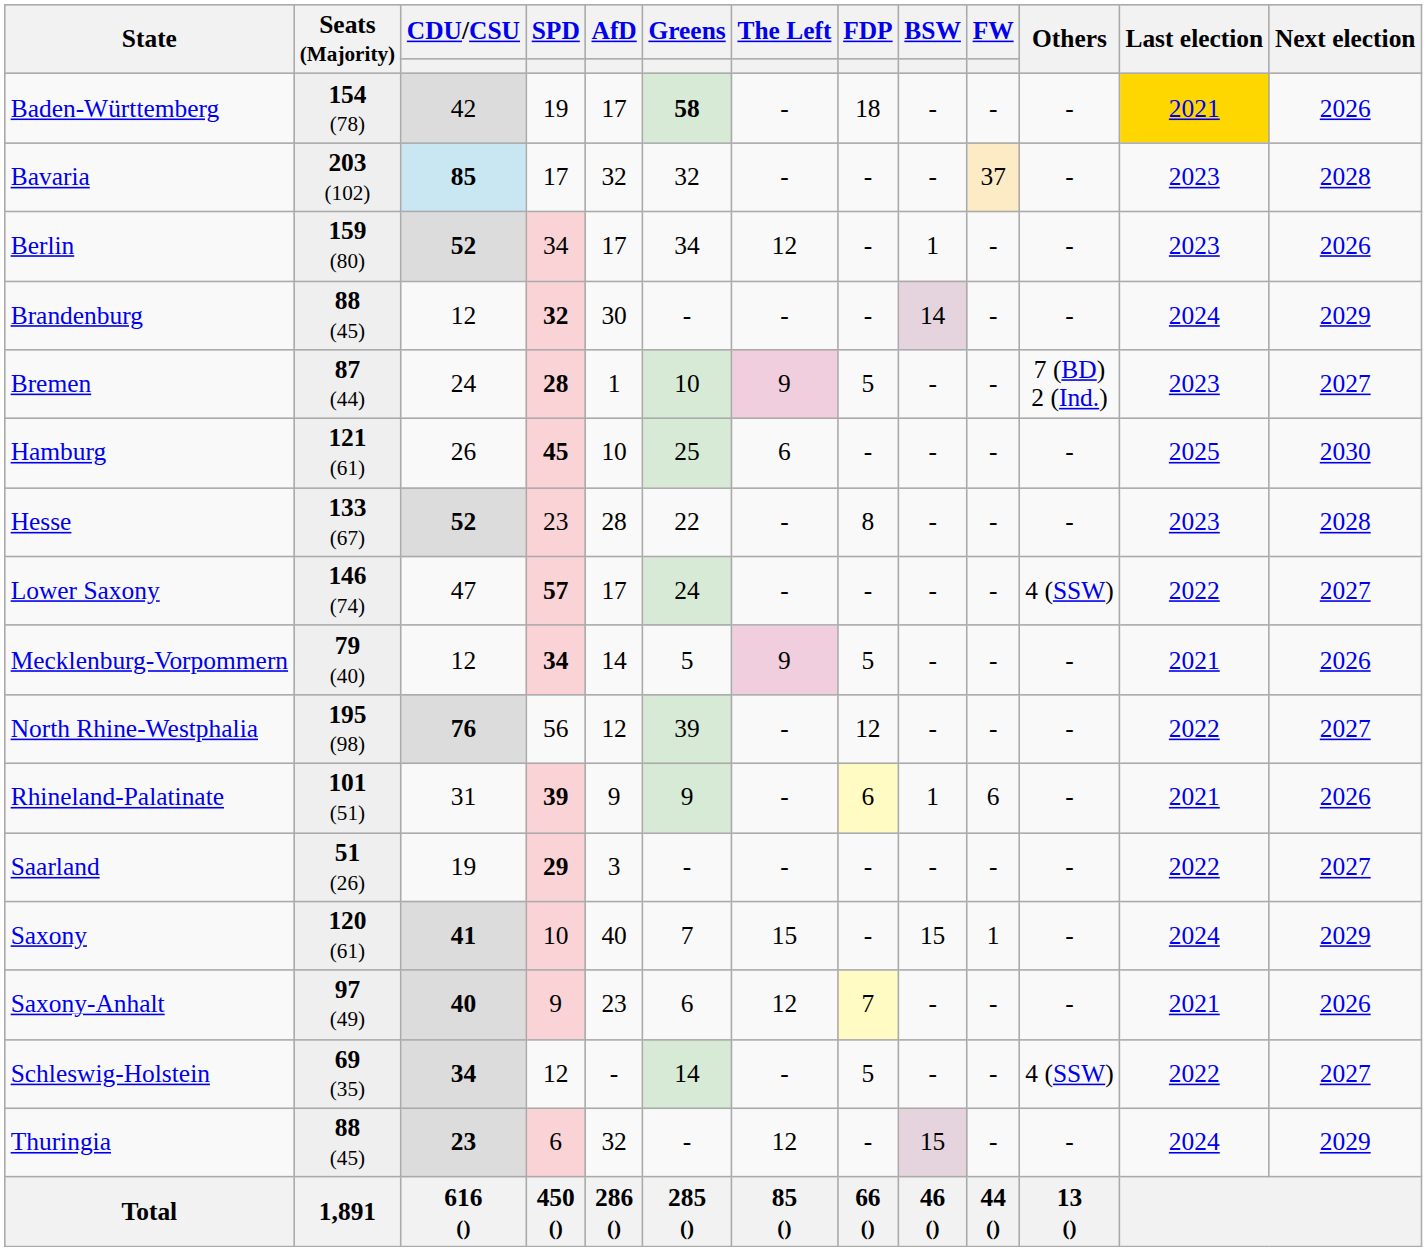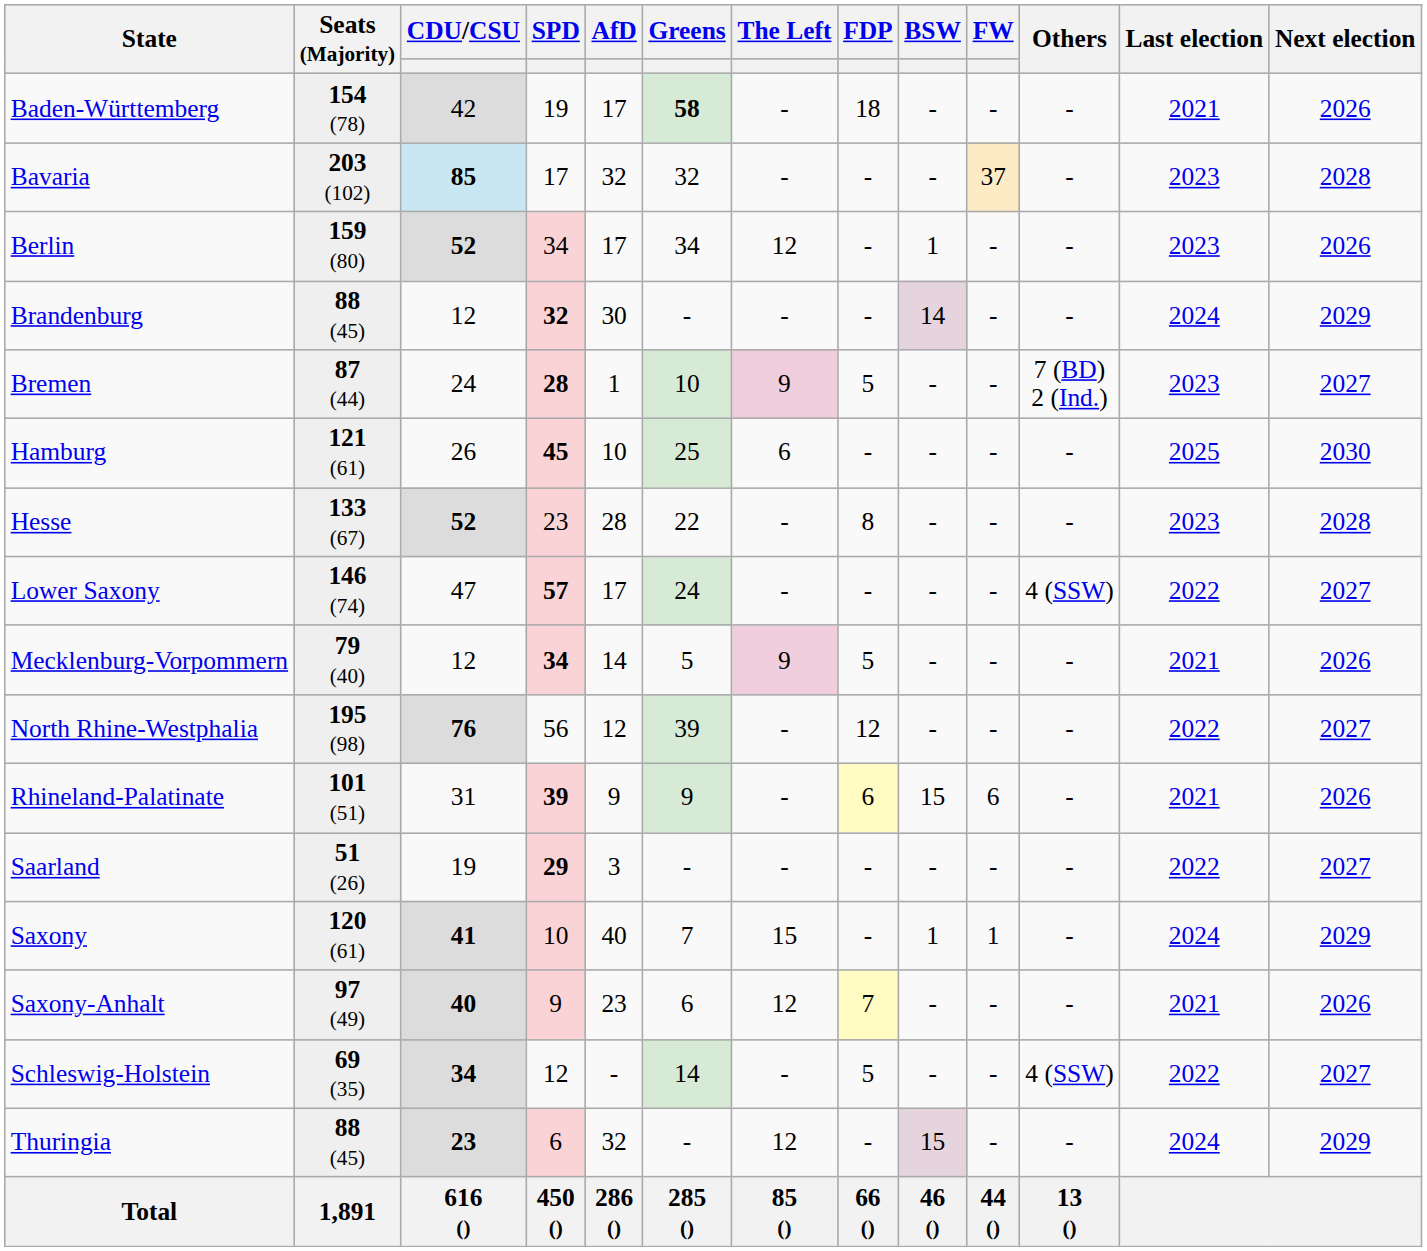 <table class="wikitable sortable mw-datatable" style="text-align:center">
 <tr>
 <th rowspan=2>State</th>
 <th rowspan=2>Seats<br><small>(Majority)</small></th>
 <th><a href='#'>CDU</a>/<a href='#'>CSU</a></th>
 <th><a href='#'>SPD</a></th>
 <th><a href='#'>AfD</a></th>
 <th><a href='#'>Greens</a></th>
 <th><a href='#'>The Left</a></th>
 <th><a href='#'>FDP</a></th>
 <th><a href='#'>BSW</a></th>
 <th><a href='#'>FW</a></th>
 <th rowspan=2>Others</th>
 <th rowspan=2>Last election</th>
 <th rowspan=2>Next election</th>
 </tr>
 <tr>
 <th style="background:"></th>
 <th style="background:"></th>
 <th style="background:"></th>
 <th style="background:"></th>
 <th style="background:"></th>
 <th style="background:"></th>
 <th style="background:"></th>
 <th style="background:"></th>
 </tr>
 <tr>
 <td align=left><a href='#'>Baden-Württemberg</a></td>
 <td style="background:#EFEFEF"><strong>154</strong><br><small>(78)</small></td>
 <td style="background:#DCDCDC">42</td>
 <td>19</td>
 <td>17</td>
 <td style="background:#D7EAD6"><strong>58</strong></td>
 <td>-</td>
 <td>18</td>
 <td>-</td>
 <td>-</td>
 <td>-</td>
-<td style="background: gold;"><a href='#'>2021</a></td>
+<td><a href='#'>2021</a></td>
 <td><a href='#'>2026</a></td>
 </tr>
 <tr>
 <td align=left><a href='#'>Bavaria</a></td>
 <td style="background:#EFEFEF"><strong>203</strong><br><small>(102)</small></td>
 <td style="background:#C9E6F3"><strong>85</strong></td>
 <td>17</td>
 <td>32</td>
 <td>32</td>
 <td>-</td>
 <td>-</td>
 <td>-</td>
 <td style="background:#FDEBC6">37</td>
 <td>-</td>
 <td><a href='#'>2023</a></td>
 <td><a href='#'>2028</a></td>
 </tr>
 <tr>
 <td align=left><a href='#'>Berlin</a></td>
 <td style="background:#EFEFEF"><strong>159</strong><br><small>(80)</small></td>
 <td style="background:#DCDCDC"><strong>52</strong></td>
 <td style="background:#FAD3D6">34</td>
 <td>17</td>
 <td>34</td>
 <td>12</td>
 <td>-</td>
 <td>1</td>
 <td>-</td>
 <td>-</td>
 <td><a href='#'>2023</a></td>
 <td><a href='#'>2026</a></td>
 </tr>
 <tr>
 <td align=left><a href='#'>Brandenburg</a></td>
 <td style="background:#EFEFEF"><strong>88</strong><br><small>(45)</small></td>
 <td>12</td>
 <td style="background:#FAD3D6"><strong>32</strong></td>
 <td>30</td>
 <td>-</td>
 <td>-</td>
 <td>-</td>
 <td style="background:#E5D4DD">14</td>
 <td>-</td>
 <td>-</td>
 <td><a href='#'>2024</a></td>
 <td><a href='#'>2029</a></td>
 </tr>
 <tr>
 <td align=left><a href='#'>Bremen</a></td>
 <td style="background:#EFEFEF"><strong>87</strong><br><small>(44)</small></td>
 <td>24</td>
 <td style="background:#FAD3D6"><strong>28</strong></td>
 <td>1</td>
 <td style="background:#D7EAD6">10</td>
 <td style="background:#F0CEDE">9</td>
 <td>5</td>
 <td>-</td>
 <td>-</td>
 <td>7 (<a href='#'>BD</a>)<br>2 (<a href='#'>Ind.</a>)</td>
 <td><a href='#'>2023</a></td>
 <td><a href='#'>2027</a></td>
 </tr>
 <tr>
 <td align=left><a href='#'>Hamburg</a></td>
 <td style="background:#EFEFEF"><strong>121</strong><br><small>(61)</small></td>
 <td>26</td>
 <td style="background:#FAD3D6"><strong>45</strong></td>
 <td>10</td>
 <td style="background:#D7EAD6">25</td>
 <td>6</td>
 <td>-</td>
 <td>-</td>
 <td>-</td>
 <td>-</td>
 <td><a href='#'>2025</a></td>
 <td><a href='#'>2030</a></td>
 </tr>
 <tr>
 <td align=left><a href='#'>Hesse</a></td>
 <td style="background:#EFEFEF"><strong>133</strong><br><small>(67)</small></td>
 <td style="background:#DCDCDC"><strong>52</strong></td>
 <td style="background:#FAD3D6">23</td>
 <td>28</td>
 <td>22</td>
 <td>-</td>
 <td>8</td>
 <td>-</td>
 <td>-</td>
 <td>-</td>
 <td><a href='#'>2023</a></td>
 <td><a href='#'>2028</a></td>
 </tr>
 <tr>
 <td align=left><a href='#'>Lower Saxony</a></td>
 <td style="background:#EFEFEF"><strong>146</strong><br><small>(74)</small></td>
 <td>47</td>
 <td style="background:#FAD3D6"><strong>57</strong></td>
 <td>17</td>
 <td style="background:#D7EAD6">24</td>
 <td>-</td>
 <td>-</td>
 <td>-</td>
 <td>-</td>
 <td>4 (<a href='#'>SSW</a>)</td>
 <td><a href='#'>2022</a></td>
 <td><a href='#'>2027</a></td>
 </tr>
 <tr>
 <td align=left><a href='#'>Mecklenburg-Vorpommern</a></td>
 <td style="background:#EFEFEF"><strong>79</strong><br><small>(40)</small></td>
 <td>12</td>
 <td style="background:#FAD3D6"><strong>34</strong></td>
 <td>14</td>
 <td>5</td>
 <td style="background:#F0CEDE">9</td>
 <td>5</td>
 <td>-</td>
 <td>-</td>
 <td>-</td>
 <td><a href='#'>2021</a></td>
 <td><a href='#'>2026</a></td>
 </tr>
 <tr>
 <td align=left><a href='#'>North Rhine-Westphalia</a></td>
 <td style="background:#EFEFEF"><strong>195</strong><br><small>(98)</small></td>
 <td style="background:#DCDCDC"><strong>76</strong></td>
 <td>56</td>
 <td>12</td>
 <td style="background:#D7EAD6">39</td>
 <td>-</td>
 <td>12</td>
 <td>-</td>
 <td>-</td>
 <td>-</td>
 <td><a href='#'>2022</a></td>
 <td><a href='#'>2027</a></td>
 </tr>
 <tr>
 <td align=left><a href='#'>Rhineland-Palatinate</a></td>
 <td style="background:#EFEFEF"><strong>101</strong><br><small>(51)</small></td>
 <td>31</td>
 <td style="background:#FAD3D6"><strong>39</strong></td>
 <td>9</td>
 <td style="background:#D7EAD6">9</td>
 <td>-</td>
 <td style="background:#FFFBC3">6</td>
-<td>1</td>
+<td>15</td>
 <td>6</td>
 <td>-</td>
 <td><a href='#'>2021</a></td>
 <td><a href='#'>2026</a></td>
 </tr>
 <tr>
 <td align=left><a href='#'>Saarland</a></td>
 <td style="background:#EFEFEF"><strong>51</strong><br><small>(26)</small></td>
 <td>19</td>
 <td style="background:#FAD3D6"><strong>29</strong></td>
 <td>3</td>
 <td>-</td>
 <td>-</td>
 <td>-</td>
 <td>-</td>
 <td>-</td>
 <td>-</td>
 <td><a href='#'>2022</a></td>
 <td><a href='#'>2027</a></td>
 </tr>
 <tr>
 <td align=left><a href='#'>Saxony</a></td>
 <td style="background:#EFEFEF"><strong>120</strong><br><small>(61)</small></td>
 <td style="background:#DCDCDC"><strong>41</strong></td>
 <td style="background:#FAD3D6">10</td>
 <td>40</td>
 <td>7</td>
 <td>15</td>
 <td>-</td>
-<td>15</td>
+<td>1</td>
 <td>1</td>
 <td>-</td>
 <td><a href='#'>2024</a></td>
 <td><a href='#'>2029</a></td>
 </tr>
 <tr>
 <td align=left><a href='#'>Saxony-Anhalt</a></td>
 <td style="background:#EFEFEF"><strong>97</strong><br><small>(49)</small></td>
 <td style="background:#DCDCDC"><strong>40</strong></td>
 <td style="background:#FAD3D6">9</td>
 <td>23</td>
 <td>6</td>
 <td>12</td>
 <td style="background:#FFFBC3">7</td>
 <td>-</td>
 <td>-</td>
 <td>-</td>
 <td><a href='#'>2021</a></td>
 <td><a href='#'>2026</a></td>
 </tr>
 <tr>
 <td align=left><a href='#'>Schleswig-Holstein</a></td>
 <td style="background:#EFEFEF"><strong>69</strong><br><small>(35)</small></td>
 <td style="background:#DCDCDC"><strong>34</strong></td>
 <td>12</td>
 <td>-</td>
 <td style="background:#D7EAD6">14</td>
 <td>-</td>
 <td>5</td>
 <td>-</td>
 <td>-</td>
 <td>4 (<a href='#'>SSW</a>)</td>
 <td><a href='#'>2022</a></td>
 <td><a href='#'>2027</a></td>
 </tr>
 <tr>
 <td align=left><a href='#'>Thuringia</a></td>
 <td style="background:#EFEFEF"><strong>88</strong><br><small>(45)</small></td>
 <td style="background:#DCDCDC"><strong>23</strong></td>
 <td style="background:#FAD3D6">6</td>
 <td>32</td>
 <td>-</td>
 <td>12</td>
 <td>-</td>
 <td style="background:#E5D4DD">15</td>
 <td>-</td>
 <td>-</td>
 <td><a href='#'>2024</a></td>
 <td><a href='#'>2029</a></td>
 </tr>
 <tr>
 <th>Total</th>
 <th>1,891</th>
 <th>616<br><small>()</small></th>
 <th>450<br><small>()</small></th>
 <th>286<br><small>()</small></th>
 <th>285<br><small>()</small></th>
 <th>85<br><small>()</small></th>
 <th>66<br><small>()</small></th>
 <th>46<br><small>()</small></th>
 <th>44<br><small>()</small></th>
 <th>13<br><small>()</small></th>
 <th colspan=2></th>
 </tr>
 </table>
